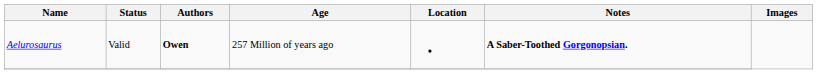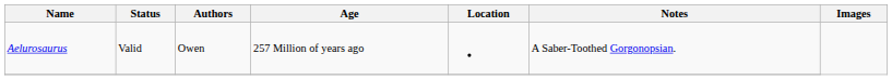 <table class="wikitable sortable" align="center" width="100%">
 <tr>
 <th>Name</th>
 <th>Status</th>
 <th>Authors</th>
 <th>Age</th>
 <th>Location</th>
 <th width="33%" class="unsortable">Notes</th>
 <th class="unsortable">Images</th>
 </tr>
 <tr>
 <td><em><a href='#'>Aelurosaurus</a></em></td>
 <td>Valid</td>
-<td><strong>Owen</strong></td>
+<td>Owen</td>
 <td>257 Million of years ago</td>
 <td><br><ul><li></li></ul></td>
-<td><strong>A Saber-Toothed <a href='#'>Gorgonopsian</a>.<br></strong></td>
+<td>A Saber-Toothed <a href='#'>Gorgonopsian</a>.<br></td>
 <td rowspan="99"><br></td>
 </tr>
 <tr>
 </tr>
 </table>
